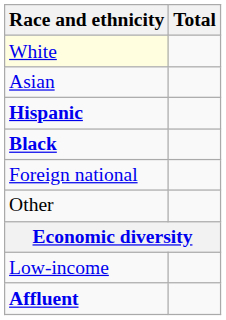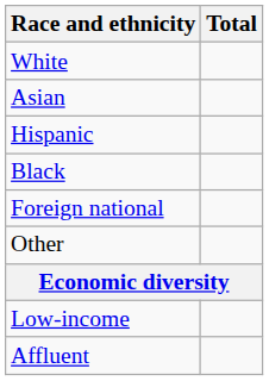 <table class="wikitable floatright sortable collapsible"; text-align:right; font-size:80%;">
 <tr>
 <th>Race and ethnicity</th>
 <th colspan="2" data-sort-type=number>Total</th>
 </tr>
 <tr>
-<td style="background: lightyellow;"><a href='#'>White</a></td>
+<td><a href='#'>White</a></td>
 <td align=right></td>
 </tr>
 <tr>
 <td><a href='#'>Asian</a></td>
 <td align=right></td>
 </tr>
 <tr>
-<td><strong><a href='#'>Hispanic</a></strong></td>
+<td><a href='#'>Hispanic</a></td>
 <td align=right></td>
 </tr>
 <tr>
-<td><strong><a href='#'>Black</a></strong></td>
+<td><a href='#'>Black</a></td>
 <td align=right></td>
 </tr>
 <tr>
 <td><a href='#'>Foreign national</a></td>
 <td align=right></td>
 </tr>
 <tr>
 <td>Other</td>
 <td align=right></td>
 </tr>
 <tr>
 <th colspan="4" data-sort-type=number><a href='#'>Economic diversity</a></th>
 </tr>
 <tr>
 <td><a href='#'>Low-income</a></td>
 <td align=right></td>
 </tr>
 <tr>
-<td><strong><a href='#'>Affluent</a></strong></td>
+<td><a href='#'>Affluent</a></td>
 <td align=right></td>
 </tr>
 </table>
